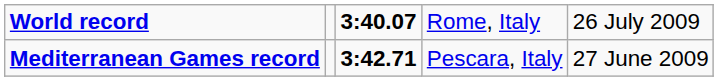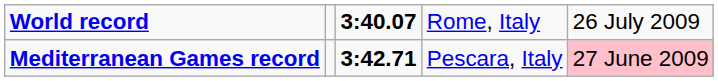 <table class="wikitable">
 <tr>
 <td><strong><a href='#'>World record</a></strong></td>
 <td></td>
 <td><strong>3:40.07</strong></td>
 <td><a href='#'>Rome</a>, <a href='#'>Italy</a></td>
 <td>26 July 2009</td>
 </tr>
 <tr>
 <td><strong><a href='#'>Mediterranean Games record</a></strong></td>
 <td></td>
 <td><strong>3:42.71</strong></td>
 <td><a href='#'>Pescara</a>, <a href='#'>Italy</a></td>
-<td>27 June 2009</td>
+<td style="background: pink;">27 June 2009</td>
 </tr>
 </table>
